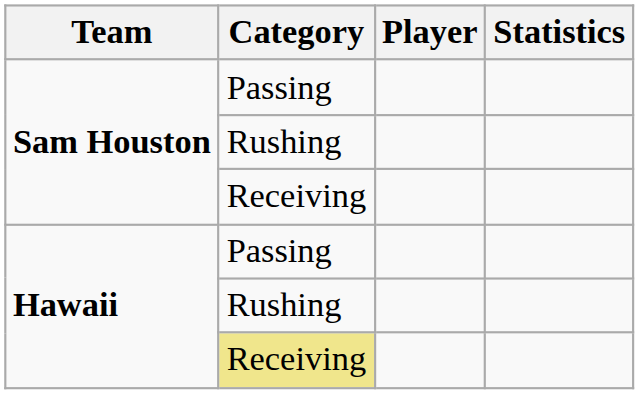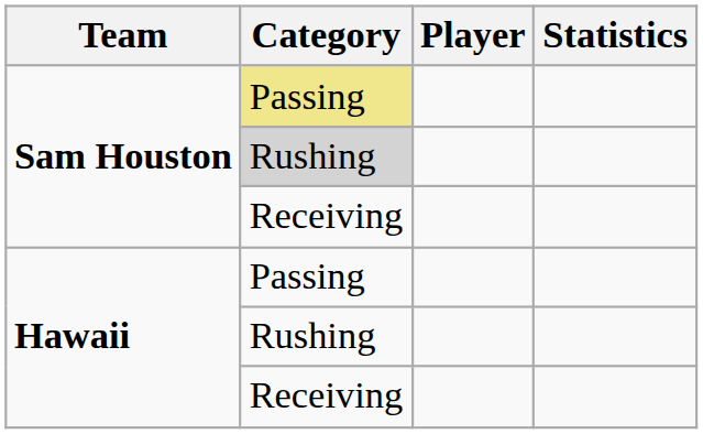 <table class="wikitable" style="float: right;">
 <tr>
 <th>Team</th>
 <th>Category</th>
 <th>Player</th>
 <th>Statistics</th>
 </tr>
 <tr>
 <td rowspan=3><strong>Sam Houston</strong></td>
-<td>Passing</td>
+<td style="background: khaki;">Passing</td>
 <td></td>
 <td></td>
 </tr>
 <tr>
-<td>Rushing</td>
+<td style="background: lightgrey;">Rushing</td>
 <td></td>
 <td></td>
 </tr>
 <tr>
 <td>Receiving</td>
 <td></td>
 <td></td>
 </tr>
 <tr>
 <td rowspan=3><strong>Hawaii</strong></td>
 <td>Passing</td>
 <td></td>
 <td></td>
 </tr>
 <tr>
 <td>Rushing</td>
 <td></td>
 <td></td>
 </tr>
 <tr>
-<td style="background: khaki;">Receiving</td>
+<td>Receiving</td>
 <td></td>
 <td></td>
 </tr>
 </table>
